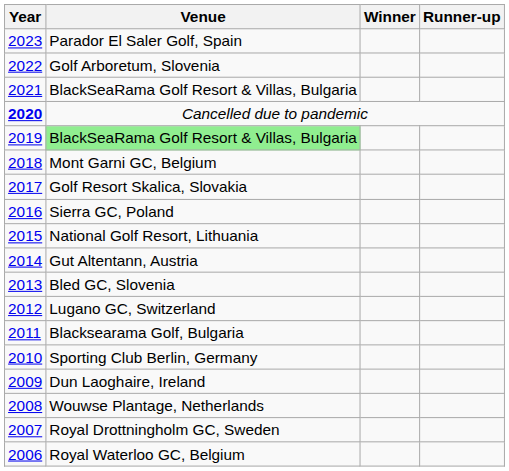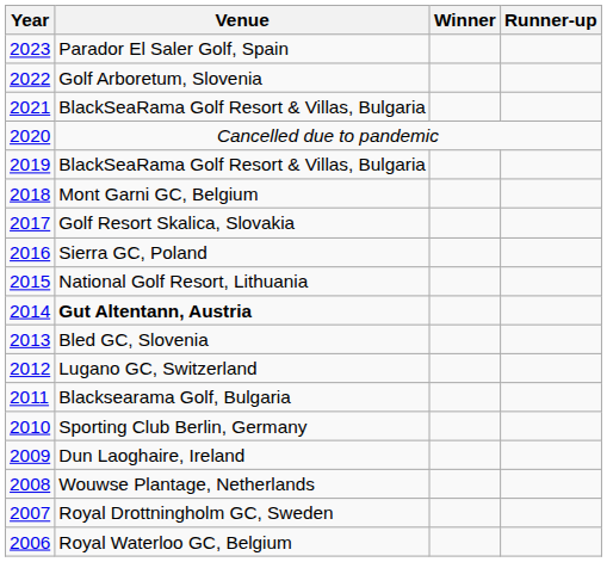 <table class="wikitable sortable" style="font-size:95%;">
 <tr>
 <th>Year</th>
 <th>Venue</th>
 <th>Winner</th>
 <th>Runner-up</th>
 </tr>
 <tr>
 <td><a href='#'>2023</a></td>
 <td>Parador El Saler Golf, Spain</td>
 <td></td>
 <td></td>
 </tr>
 <tr>
 <td><a href='#'>2022</a></td>
 <td>Golf Arboretum, Slovenia</td>
 <td></td>
 <td></td>
 </tr>
 <tr>
 <td><a href='#'>2021</a></td>
 <td>BlackSeaRama Golf Resort & Villas, Bulgaria</td>
 <td></td>
 <td></td>
 </tr>
 <tr>
-<td><strong><a href='#'>2020</a></strong></td>
+<td><a href='#'>2020</a></td>
 <td colspan=3 align=center><em>Cancelled due to pandemic</em></td>
 </tr>
 <tr>
 <td><a href='#'>2019</a></td>
-<td style="background: lightgreen;">BlackSeaRama Golf Resort & Villas, Bulgaria</td>
+<td>BlackSeaRama Golf Resort & Villas, Bulgaria</td>
 <td></td>
 <td></td>
 </tr>
 <tr>
 <td><a href='#'>2018</a></td>
 <td>Mont Garni GC, Belgium</td>
 <td></td>
 <td></td>
 </tr>
 <tr>
 <td><a href='#'>2017</a></td>
 <td>Golf Resort Skalica, Slovakia</td>
 <td></td>
 <td></td>
 </tr>
 <tr>
 <td><a href='#'>2016</a></td>
 <td>Sierra GC, Poland</td>
 <td></td>
 <td></td>
 </tr>
 <tr>
 <td><a href='#'>2015</a></td>
 <td>National Golf Resort, Lithuania</td>
 <td></td>
 <td></td>
 </tr>
 <tr>
 <td><a href='#'>2014</a></td>
-<td>Gut Altentann, Austria</td>
+<td><strong>Gut Altentann, Austria</strong></td>
 <td></td>
 <td></td>
 </tr>
 <tr>
 <td><a href='#'>2013</a></td>
 <td>Bled GC, Slovenia</td>
 <td></td>
 <td></td>
 </tr>
 <tr>
 <td><a href='#'>2012</a></td>
 <td>Lugano GC, Switzerland</td>
 <td></td>
 <td></td>
 </tr>
 <tr>
 <td><a href='#'>2011</a></td>
 <td>Blacksearama Golf, Bulgaria</td>
 <td></td>
 <td></td>
 </tr>
 <tr>
 <td><a href='#'>2010</a></td>
 <td>Sporting Club Berlin, Germany</td>
 <td></td>
 <td></td>
 </tr>
 <tr>
 <td><a href='#'>2009</a></td>
 <td>Dun Laoghaire, Ireland</td>
 <td></td>
 <td></td>
 </tr>
 <tr>
 <td><a href='#'>2008</a></td>
 <td>Wouwse Plantage, Netherlands</td>
 <td></td>
 <td></td>
 </tr>
 <tr>
 <td><a href='#'>2007</a></td>
 <td>Royal Drottningholm GC, Sweden</td>
 <td></td>
 <td></td>
 </tr>
 <tr>
 <td><a href='#'>2006</a></td>
 <td>Royal Waterloo GC, Belgium</td>
 <td></td>
 <td></td>
 </tr>
 </table>
